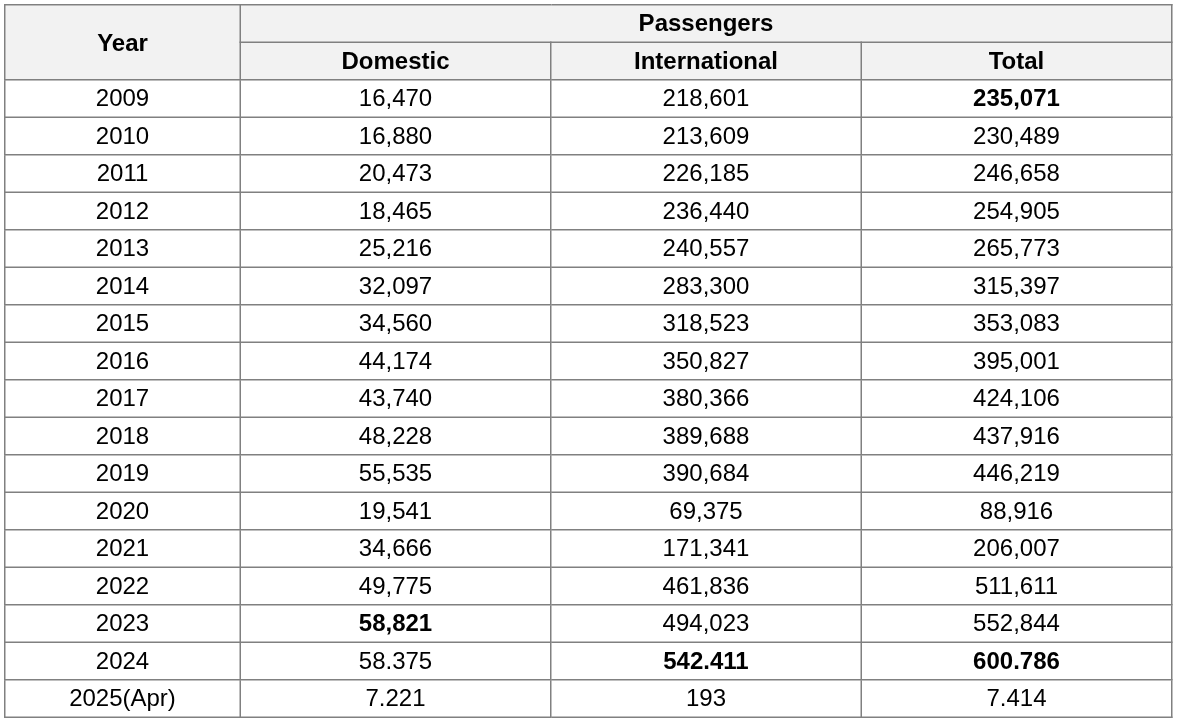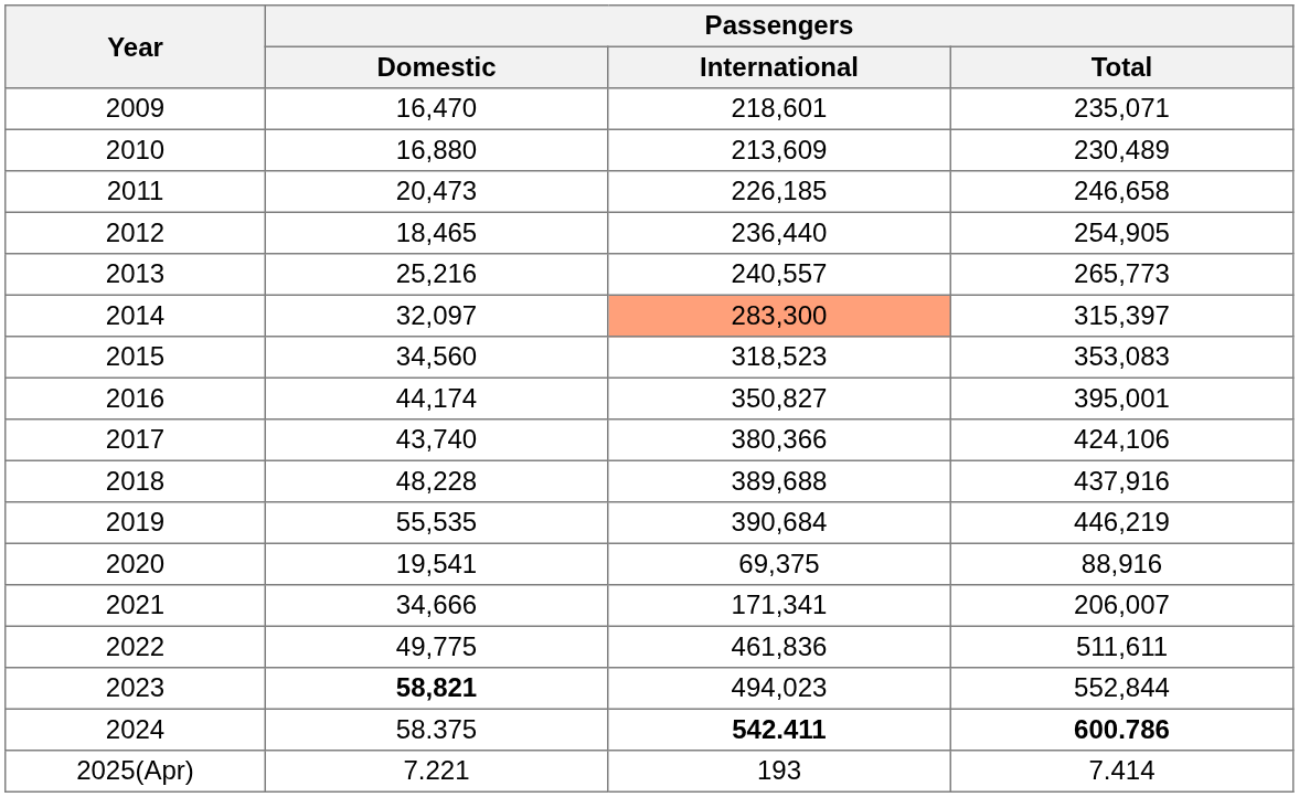 <table class="toccolours" border="1" cellpadding="3" style="border-collapse:collapse">
 <tr style="background:#f2f2f2;">
 <th style="text-align:center; width:150px;" rowspan="2">Year</th>
 <th style="text-align:center; width:200px;" colspan="3">Passengers</th>
 </tr>
 <tr style="background:#f2f2f2;">
 <th style="text-align:center; width:200px;">Domestic</th>
 <th style="text-align:center; width:200px;">International</th>
 <th style="text-align:center; width:200px;">Total</th>
 </tr>
 <tr>
 <td style="text-align:center; width:150px;">2009</td>
 <td style="text-align:center; width:150px;">16,470</td>
 <td style="text-align:center; width:150px;">218,601</td>
-<td style="text-align:center; width:150px;"><strong>235,071</strong></td>
+<td style="text-align:center; width:150px;">235,071</td>
 </tr>
 <tr>
 <td style="text-align:center; width:150px;">2010</td>
 <td style="text-align:center; width:150px;">16,880</td>
 <td style="text-align:center; width:150px;">213,609</td>
 <td style="text-align:center; width:150px;">230,489</td>
 </tr>
 <tr>
 <td style="text-align:center; width:150px;">2011</td>
 <td style="text-align:center; width:150px;">20,473</td>
 <td style="text-align:center; width:150px;">226,185</td>
 <td style="text-align:center; width:150px;">246,658</td>
 </tr>
 <tr>
 <td style="text-align:center; width:150px;">2012</td>
 <td style="text-align:center; width:150px;">18,465</td>
 <td style="text-align:center; width:150px;">236,440</td>
 <td style="text-align:center; width:150px;">254,905</td>
 </tr>
 <tr>
 <td style="text-align:center; width:150px;">2013</td>
 <td style="text-align:center; width:150px;">25,216</td>
 <td style="text-align:center; width:150px;">240,557</td>
 <td style="text-align:center; width:150px;">265,773</td>
 </tr>
 <tr>
 <td style="text-align:center; width:150px;">2014</td>
 <td style="text-align:center; width:150px;">32,097</td>
-<td style="text-align:center; width:150px;">283,300</td>
+<td style="background: lightsalmon; text-align:center; width:150px;">283,300</td>
 <td style="text-align:center; width:150px;">315,397</td>
 </tr>
 <tr>
 <td style="text-align:center; width:150px;">2015</td>
 <td style="text-align:center; width:150px;">34,560</td>
 <td style="text-align:center; width:150px;">318,523</td>
 <td style="text-align:center; width:150px;">353,083</td>
 </tr>
 <tr>
 <td style="text-align:center; width:150px;">2016</td>
 <td style="text-align:center; width:150px;">44,174</td>
 <td style="text-align:center; width:150px;">350,827</td>
 <td style="text-align:center; width:150px;">395,001</td>
 </tr>
 <tr>
 <td style="text-align:center; width:150px;">2017</td>
 <td style="text-align:center; width:150px;">43,740</td>
 <td style="text-align:center; width:150px;">380,366</td>
 <td style="text-align:center; width:150px;">424,106</td>
 </tr>
 <tr>
 <td style="text-align:center; width:150px;">2018</td>
 <td style="text-align:center; width:150px;">48,228</td>
 <td style="text-align:center; width:150px;">389,688</td>
 <td style="text-align:center; width:150px;">437,916</td>
 </tr>
 <tr>
 <td style="text-align:center; width:150px;">2019</td>
 <td style="text-align:center; width:150px;">55,535</td>
 <td style="text-align:center; width:150px;">390,684</td>
 <td style="text-align:center; width:150px;">446,219</td>
 </tr>
 <tr>
 <td style="text-align:center; width:150px;">2020</td>
 <td style="text-align:center; width:150px;">19,541</td>
 <td style="text-align:center; width:150px;">69,375</td>
 <td style="text-align:center; width:150px;">88,916</td>
 </tr>
 <tr>
 <td style="text-align:center; width:150px;">2021</td>
 <td style="text-align:center; width:150px;">34,666</td>
 <td style="text-align:center; width:150px;">171,341</td>
 <td style="text-align:center; width:150px;">206,007</td>
 </tr>
 <tr>
 <td style="text-align:center; width:150px;">2022</td>
 <td style="text-align:center; width:150px;">49,775</td>
 <td style="text-align:center; width:150px;">461,836</td>
 <td style="text-align:center; width:150px;">511,611</td>
 </tr>
 <tr>
 <td style="text-align:center; width:150px;">2023</td>
 <td style="text-align:center; width:150px;"><strong>58,821</strong></td>
 <td style="text-align:center; width:150px;">494,023</td>
 <td style="text-align:center; width:150px;">552,844</td>
 </tr>
 <tr>
 <td style="text-align:center; width:150px;">2024</td>
 <td style="text-align:center; width:150px;">58.375</td>
 <td style="text-align:center; width:150px;"><strong>542.411</strong></td>
 <td style="text-align:center; width:150px;"><strong>600.786</strong></td>
 </tr>
 <tr>
 <td style="text-align:center; width:150px;">2025(Apr)</td>
 <td style="text-align:center; width:150px;">7.221</td>
 <td style="text-align:center; width:150px;">193</td>
 <td style="text-align:center; width:150px;">7.414</td>
 </tr>
 </table>
